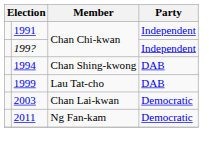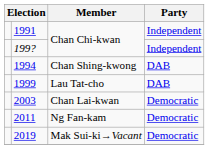 <table class="wikitable">
 <tr>
 <th colspan="2">Election</th>
 <th>Member</th>
 <th>Party</th>
 </tr>
 <tr>
 <td style="background-color:"></td>
 <td><a href='#'>1991</a></td>
 <td rowspan=2>Chan Chi-kwan</td>
 <td><a href='#'>Independent</a></td>
 </tr>
 <tr>
 <td style="background-color:"></td>
 <td><em>199?</em></td>
 <td><a href='#'>Independent</a></td>
 </tr>
 <tr>
 <td style="background-color:"></td>
 <td><a href='#'>1994</a></td>
 <td>Chan Shing-kwong</td>
 <td><a href='#'>DAB</a></td>
 </tr>
 <tr>
 <td style="background-color:"></td>
 <td><a href='#'>1999</a></td>
 <td>Lau Tat-cho</td>
 <td><a href='#'>DAB</a></td>
 </tr>
 <tr>
 <td style="background-color:"></td>
 <td><a href='#'>2003</a></td>
 <td>Chan Lai-kwan</td>
 <td><a href='#'>Democratic</a></td>
 </tr>
 <tr>
 <td style="background-color:"></td>
 <td><a href='#'>2011</a></td>
 <td>Ng Fan-kam</td>
 <td><a href='#'>Democratic</a></td>
 </tr>
 <tr>
+<td style="background-color:"></td>
+<td><a href='#'>2019</a></td>
+<td>Mak Sui-ki→<em>Vacant</em></td>
+<td><a href='#'>Democratic</a></td>
+</tr>
+<tr>
 </tr>
 </table>
